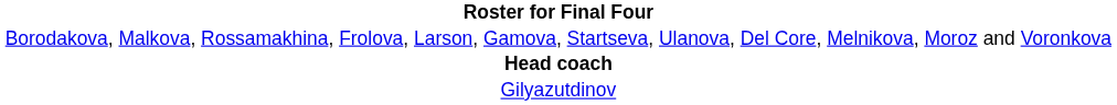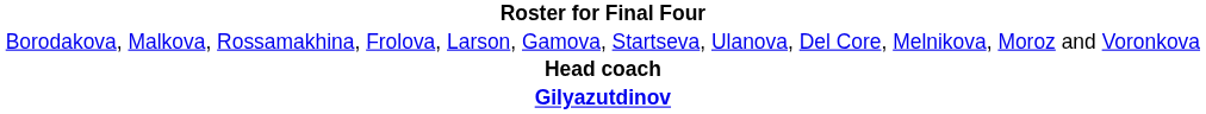 <table style="text-align: center; margin-top: 2em; margin-left: auto; margin-right: auto">
 <tr>
 <td><strong>Roster for Final Four</strong></td>
 </tr>
 <tr>
 <td><a href='#'>Borodakova</a>, <a href='#'>Malkova</a>, <a href='#'>Rossamakhina</a>, <a href='#'>Frolova</a>, <a href='#'>Larson</a>, <a href='#'>Gamova</a>, <a href='#'>Startseva</a>, <a href='#'>Ulanova</a>, <a href='#'>Del Core</a>, <a href='#'>Melnikova</a>, <a href='#'>Moroz</a> and <a href='#'>Voronkova</a></td>
 </tr>
 <tr>
 <td><strong>Head coach</strong></td>
 </tr>
 <tr>
-<td><a href='#'>Gilyazutdinov</a></td>
+<td><strong><a href='#'>Gilyazutdinov</a></strong></td>
 </tr>
 </table>
